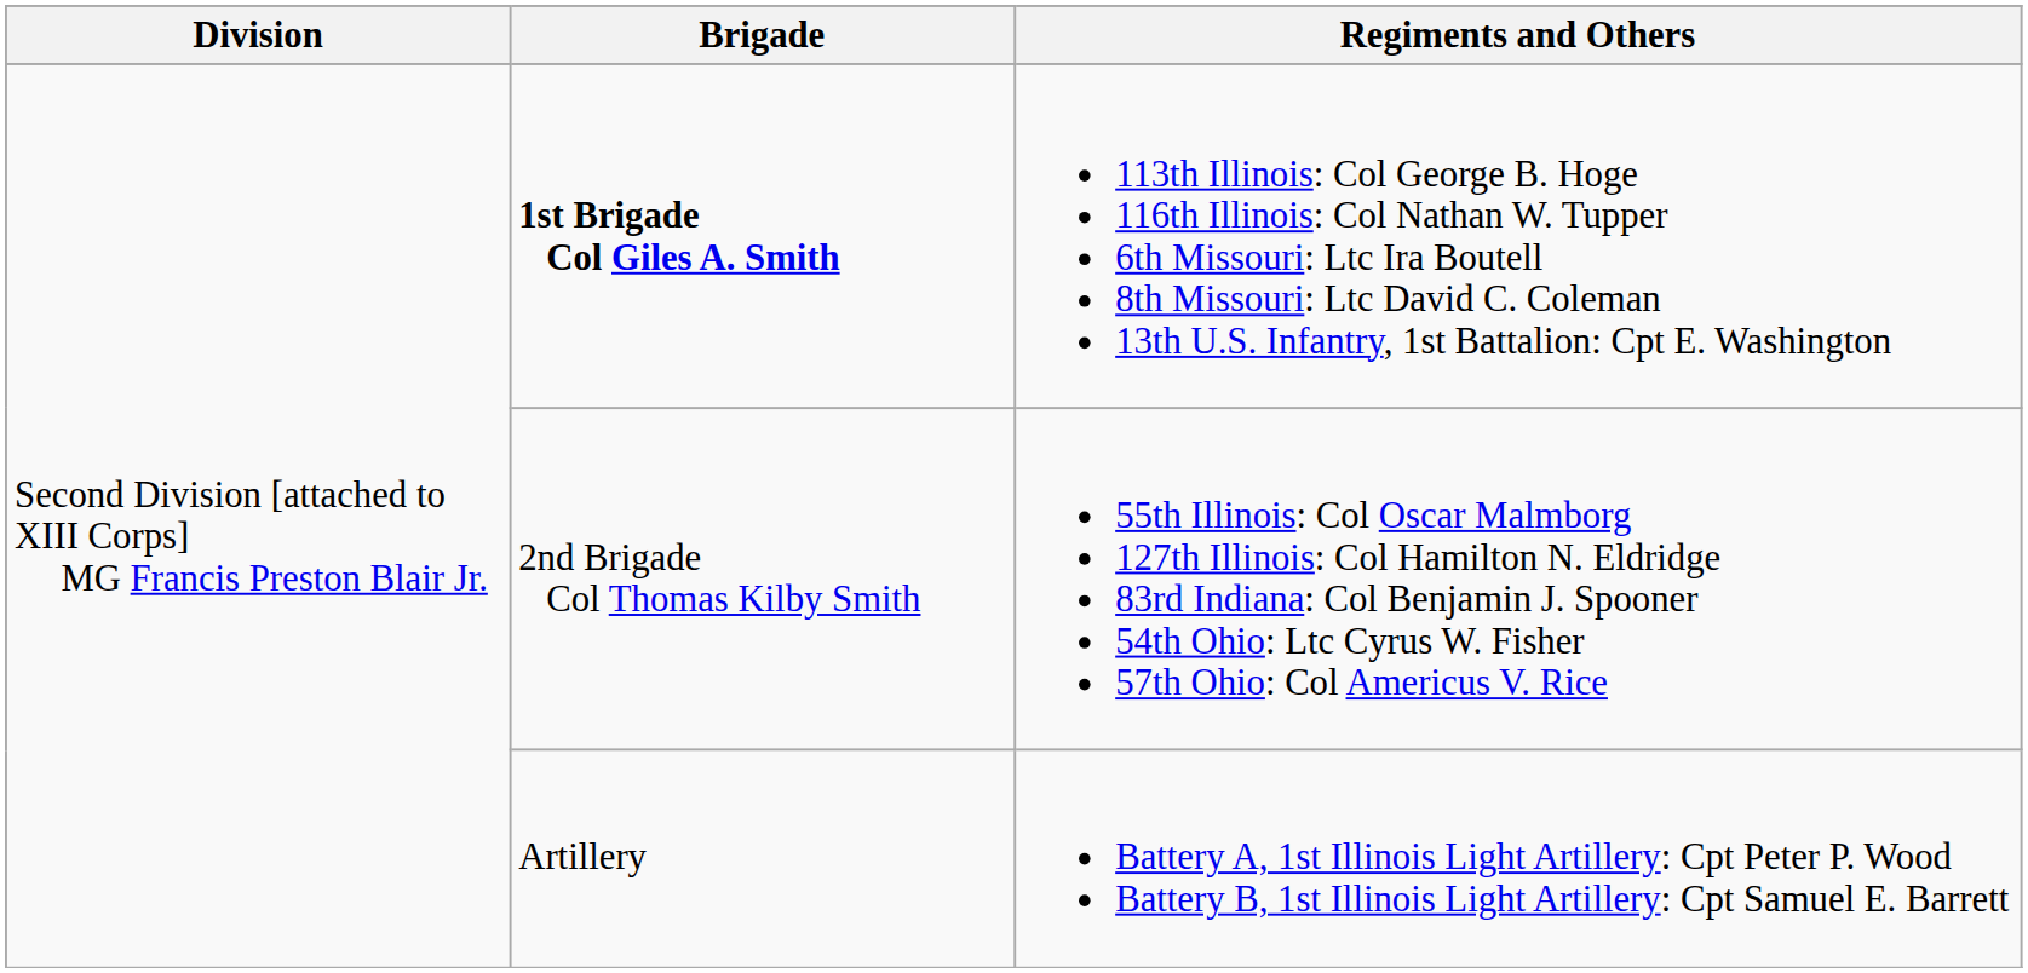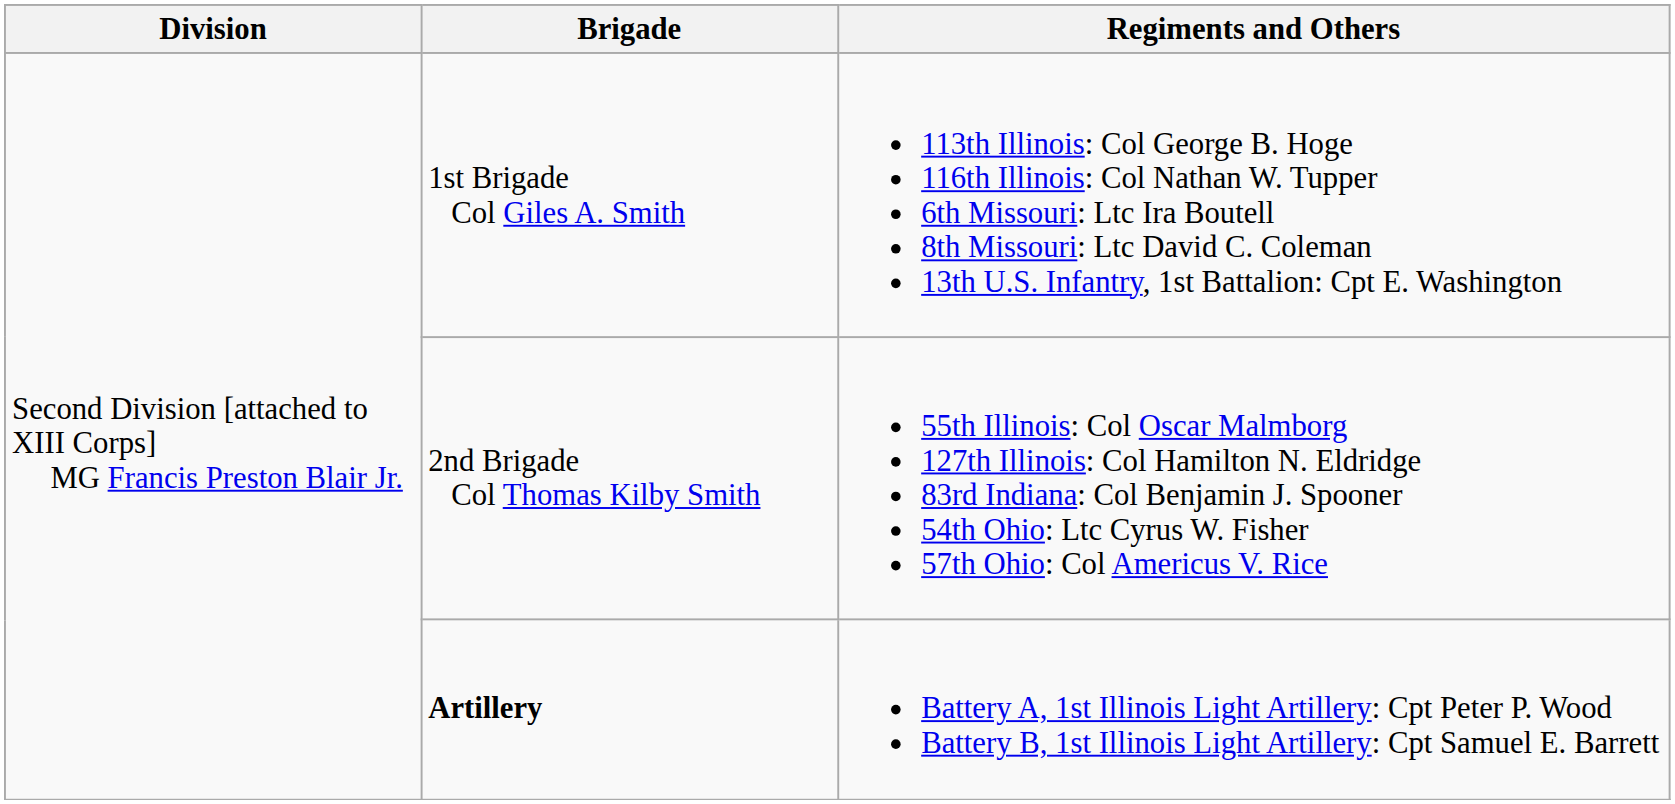 <table class="wikitable">
 <tr>
 <th width=25%>Division</th>
 <th width=25%>Brigade</th>
 <th>Regiments and Others</th>
 </tr>
 <tr>
 <td rowspan=3><br>Second Division [attached to XIII Corps] <br>     MG <a href='#'>Francis Preston Blair Jr.</a></td>
-<td><strong>1st Brigade<br>   Col <a href='#'>Giles A. Smith</a></strong></td>
+<td>1st Brigade<br>   Col <a href='#'>Giles A. Smith</a></td>
 <td><br><ul><li><a href='#'>113th Illinois</a>: Col George B. Hoge</li><li><a href='#'>116th Illinois</a>: Col Nathan W. Tupper</li><li><a href='#'>6th Missouri</a>: Ltc Ira Boutell</li><li><a href='#'>8th Missouri</a>: Ltc David C. Coleman</li><li><a href='#'>13th U.S. Infantry</a>, 1st Battalion: Cpt E. Washington</li></ul></td>
 </tr>
 <tr>
 <td>2nd Brigade<br>   Col <a href='#'>Thomas Kilby Smith</a></td>
 <td><br><ul><li><a href='#'>55th Illinois</a>: Col <a href='#'>Oscar Malmborg</a></li><li><a href='#'>127th Illinois</a>: Col Hamilton N. Eldridge</li><li><a href='#'>83rd Indiana</a>: Col Benjamin J. Spooner</li><li><a href='#'>54th Ohio</a>: Ltc Cyrus W. Fisher</li><li><a href='#'>57th Ohio</a>: Col <a href='#'>Americus V. Rice</a></li></ul></td>
 </tr>
 <tr>
-<td>Artillery</td>
+<td><strong>Artillery</strong></td>
 <td><br><ul><li><a href='#'>Battery A, 1st Illinois Light Artillery</a>: Cpt Peter P. Wood</li><li><a href='#'>Battery B, 1st Illinois Light Artillery</a>: Cpt Samuel E. Barrett</li></ul></td>
 </tr>
 <tr>
 </tr>
 </table>
